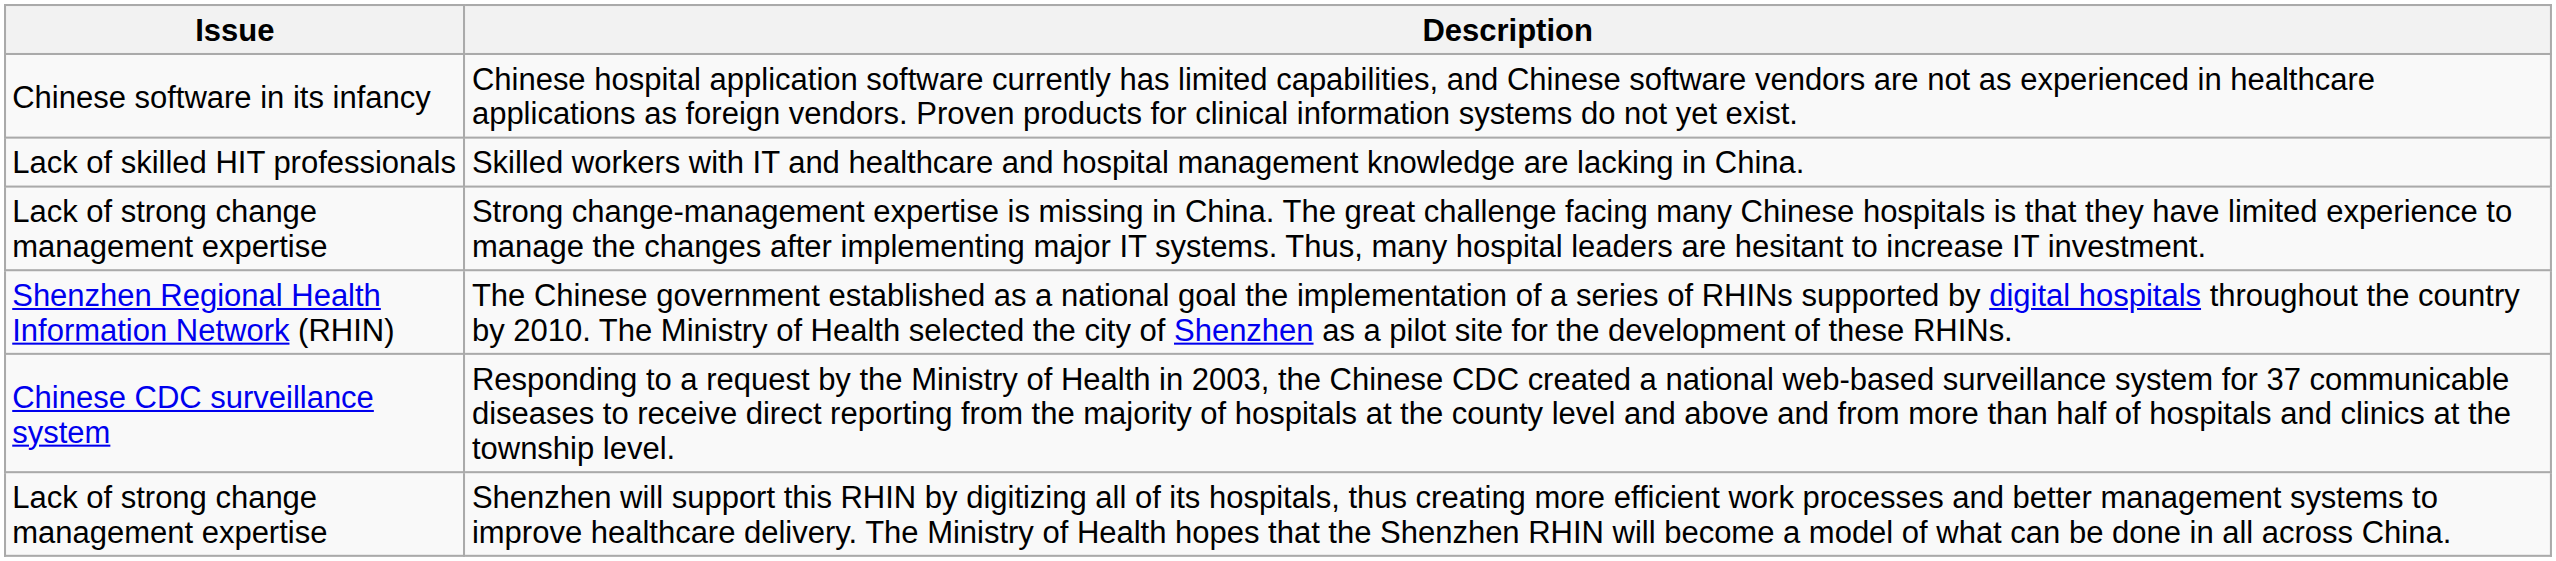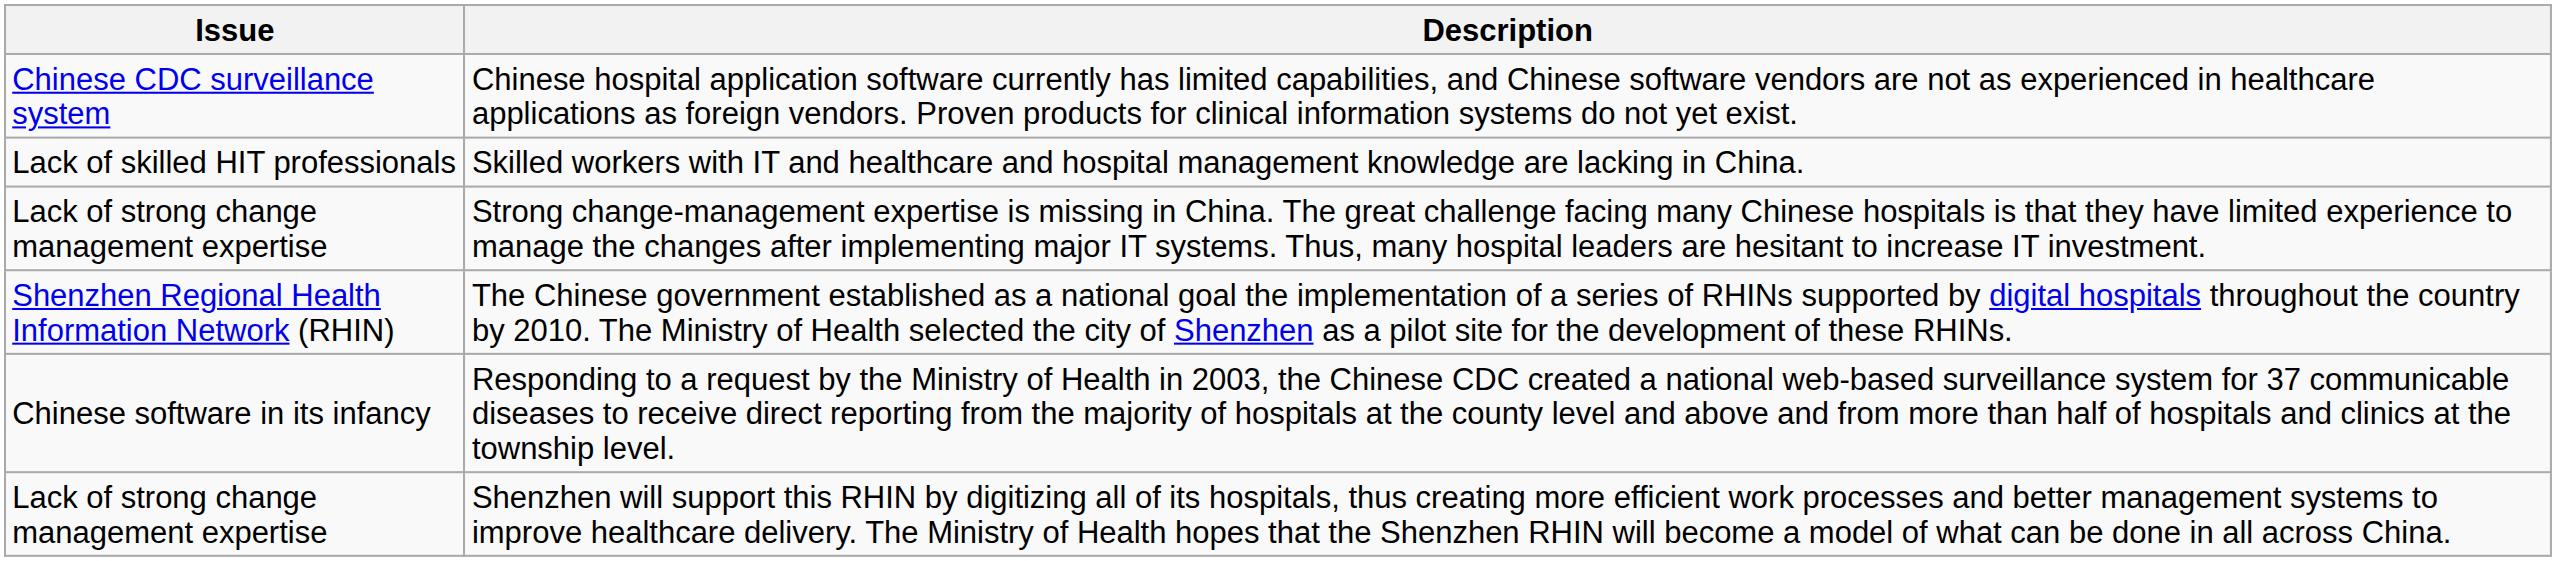 <table class="wikitable" style="font-size: 95%;">
 <tr>
 <th>Issue</th>
 <th>Description</th>
 </tr>
 <tr>
-<td>Chinese software in its infancy</td>
+<td><a href='#'>Chinese CDC surveillance system</a></td>
 <td>Chinese hospital application software currently has limited capabilities, and Chinese software vendors are not as experienced in healthcare applications as foreign vendors. Proven products for clinical information systems do not yet exist.</td>
 </tr>
 <tr>
 <td>Lack of skilled HIT professionals</td>
 <td>Skilled workers with IT and healthcare and hospital management knowledge are lacking in China.</td>
 </tr>
 <tr>
 <td>Lack of strong change management expertise</td>
 <td>Strong change-management expertise is missing in China. The great challenge facing many Chinese hospitals is that they have limited experience to manage the changes after implementing major IT systems. Thus, many hospital leaders are hesitant to increase IT investment.</td>
 </tr>
 <tr>
 <td><a href='#'>Shenzhen Regional Health Information Network</a> (RHIN)</td>
 <td>The Chinese government established as a national goal the implementation of a series of RHINs supported by <a href='#'>digital hospitals</a> throughout the country by 2010. The Ministry of Health selected the city of <a href='#'>Shenzhen</a> as a pilot site for the development of these RHINs.</td>
 </tr>
 <tr>
-<td><a href='#'>Chinese CDC surveillance system</a></td>
+<td>Chinese software in its infancy</td>
 <td>Responding to a request by the Ministry of Health in 2003, the Chinese CDC created a national web-based surveillance system for 37 communicable diseases to receive direct reporting from the majority of hospitals at the county level and above and from more than half of hospitals and clinics at the township level.</td>
 </tr>
 <tr>
 <td>Lack of strong change management expertise</td>
 <td>Shenzhen will support this RHIN by digitizing all of its hospitals, thus creating more efficient work processes and better management systems to improve healthcare delivery. The Ministry of Health hopes that the Shenzhen RHIN will become a model of what can be done in all across China.</td>
 </tr>
 </table>
